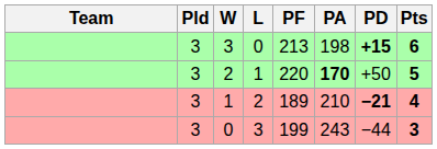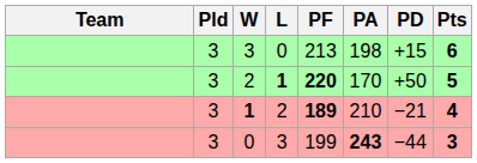 <table class=wikitable>
 <tr align=center>
 </tr>
 <tr>
 <th width=150>Team</th>
 <th width=20>Pld</th>
 <th width=20>W</th>
 <th width=20>L</th>
 <th width=30>PF</th>
 <th width=30>PA</th>
 <th width=30>PD</th>
 <th width=20>Pts</th>
 </tr>
 <tr align=center bgcolor=#aaffaa>
 <td align=left></td>
 <td>3</td>
 <td>3</td>
 <td>0</td>
 <td>213</td>
 <td>198</td>
-<td><strong>+15</strong></td>
+<td>+15</td>
 <td><strong>6</strong></td>
 </tr>
 <tr align=center bgcolor=#aaffaa>
 <td align=left></td>
 <td>3</td>
 <td>2</td>
-<td>1</td>
-<td>220</td>
-<td><strong>170</strong></td>
+<td><strong>1</strong></td>
+<td><strong>220</strong></td>
+<td>170</td>
 <td>+50</td>
 <td><strong>5</strong></td>
 </tr>
 <tr align=center bgcolor=#ffaaaa>
 <td align=left></td>
 <td>3</td>
-<td>1</td>
+<td><strong>1</strong></td>
 <td>2</td>
-<td>189</td>
+<td><strong>189</strong></td>
 <td>210</td>
-<td><strong>−21</strong></td>
+<td>−21</td>
 <td><strong>4</strong></td>
 </tr>
 <tr align=center bgcolor=#ffaaaa>
 <td align=left></td>
 <td>3</td>
 <td>0</td>
 <td>3</td>
 <td>199</td>
-<td>243</td>
+<td><strong>243</strong></td>
 <td>−44</td>
 <td><strong>3</strong></td>
 </tr>
 </table>
